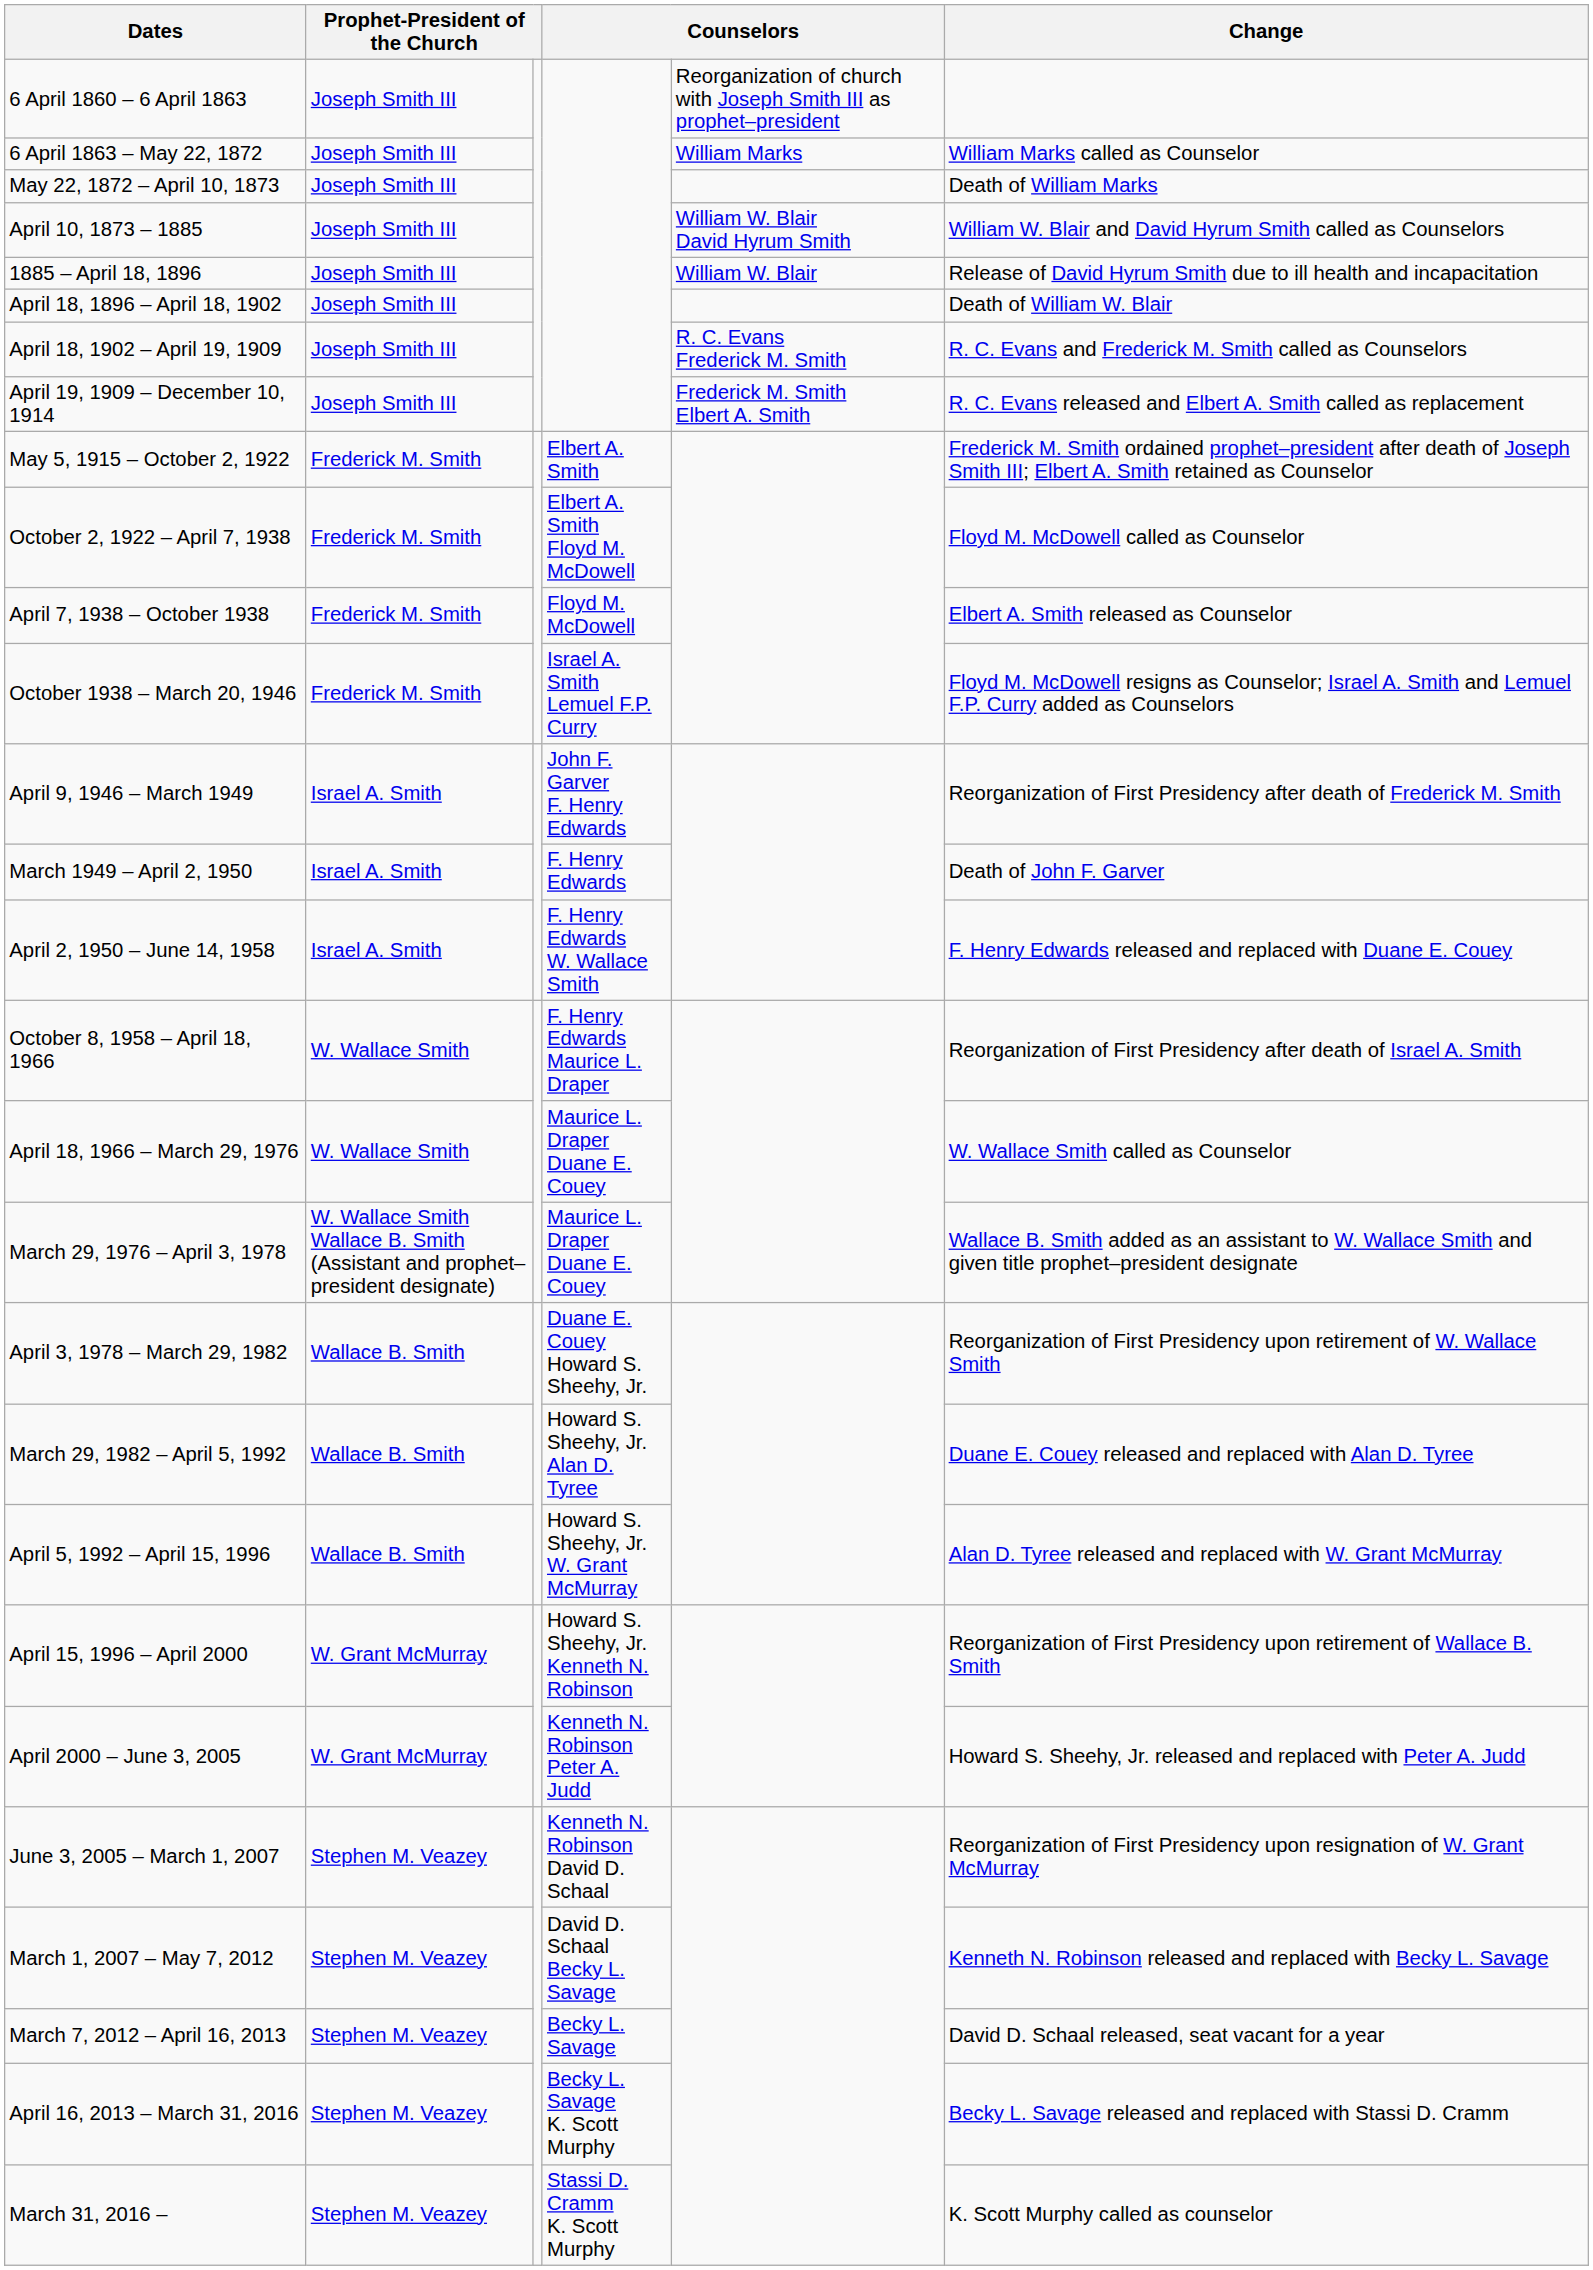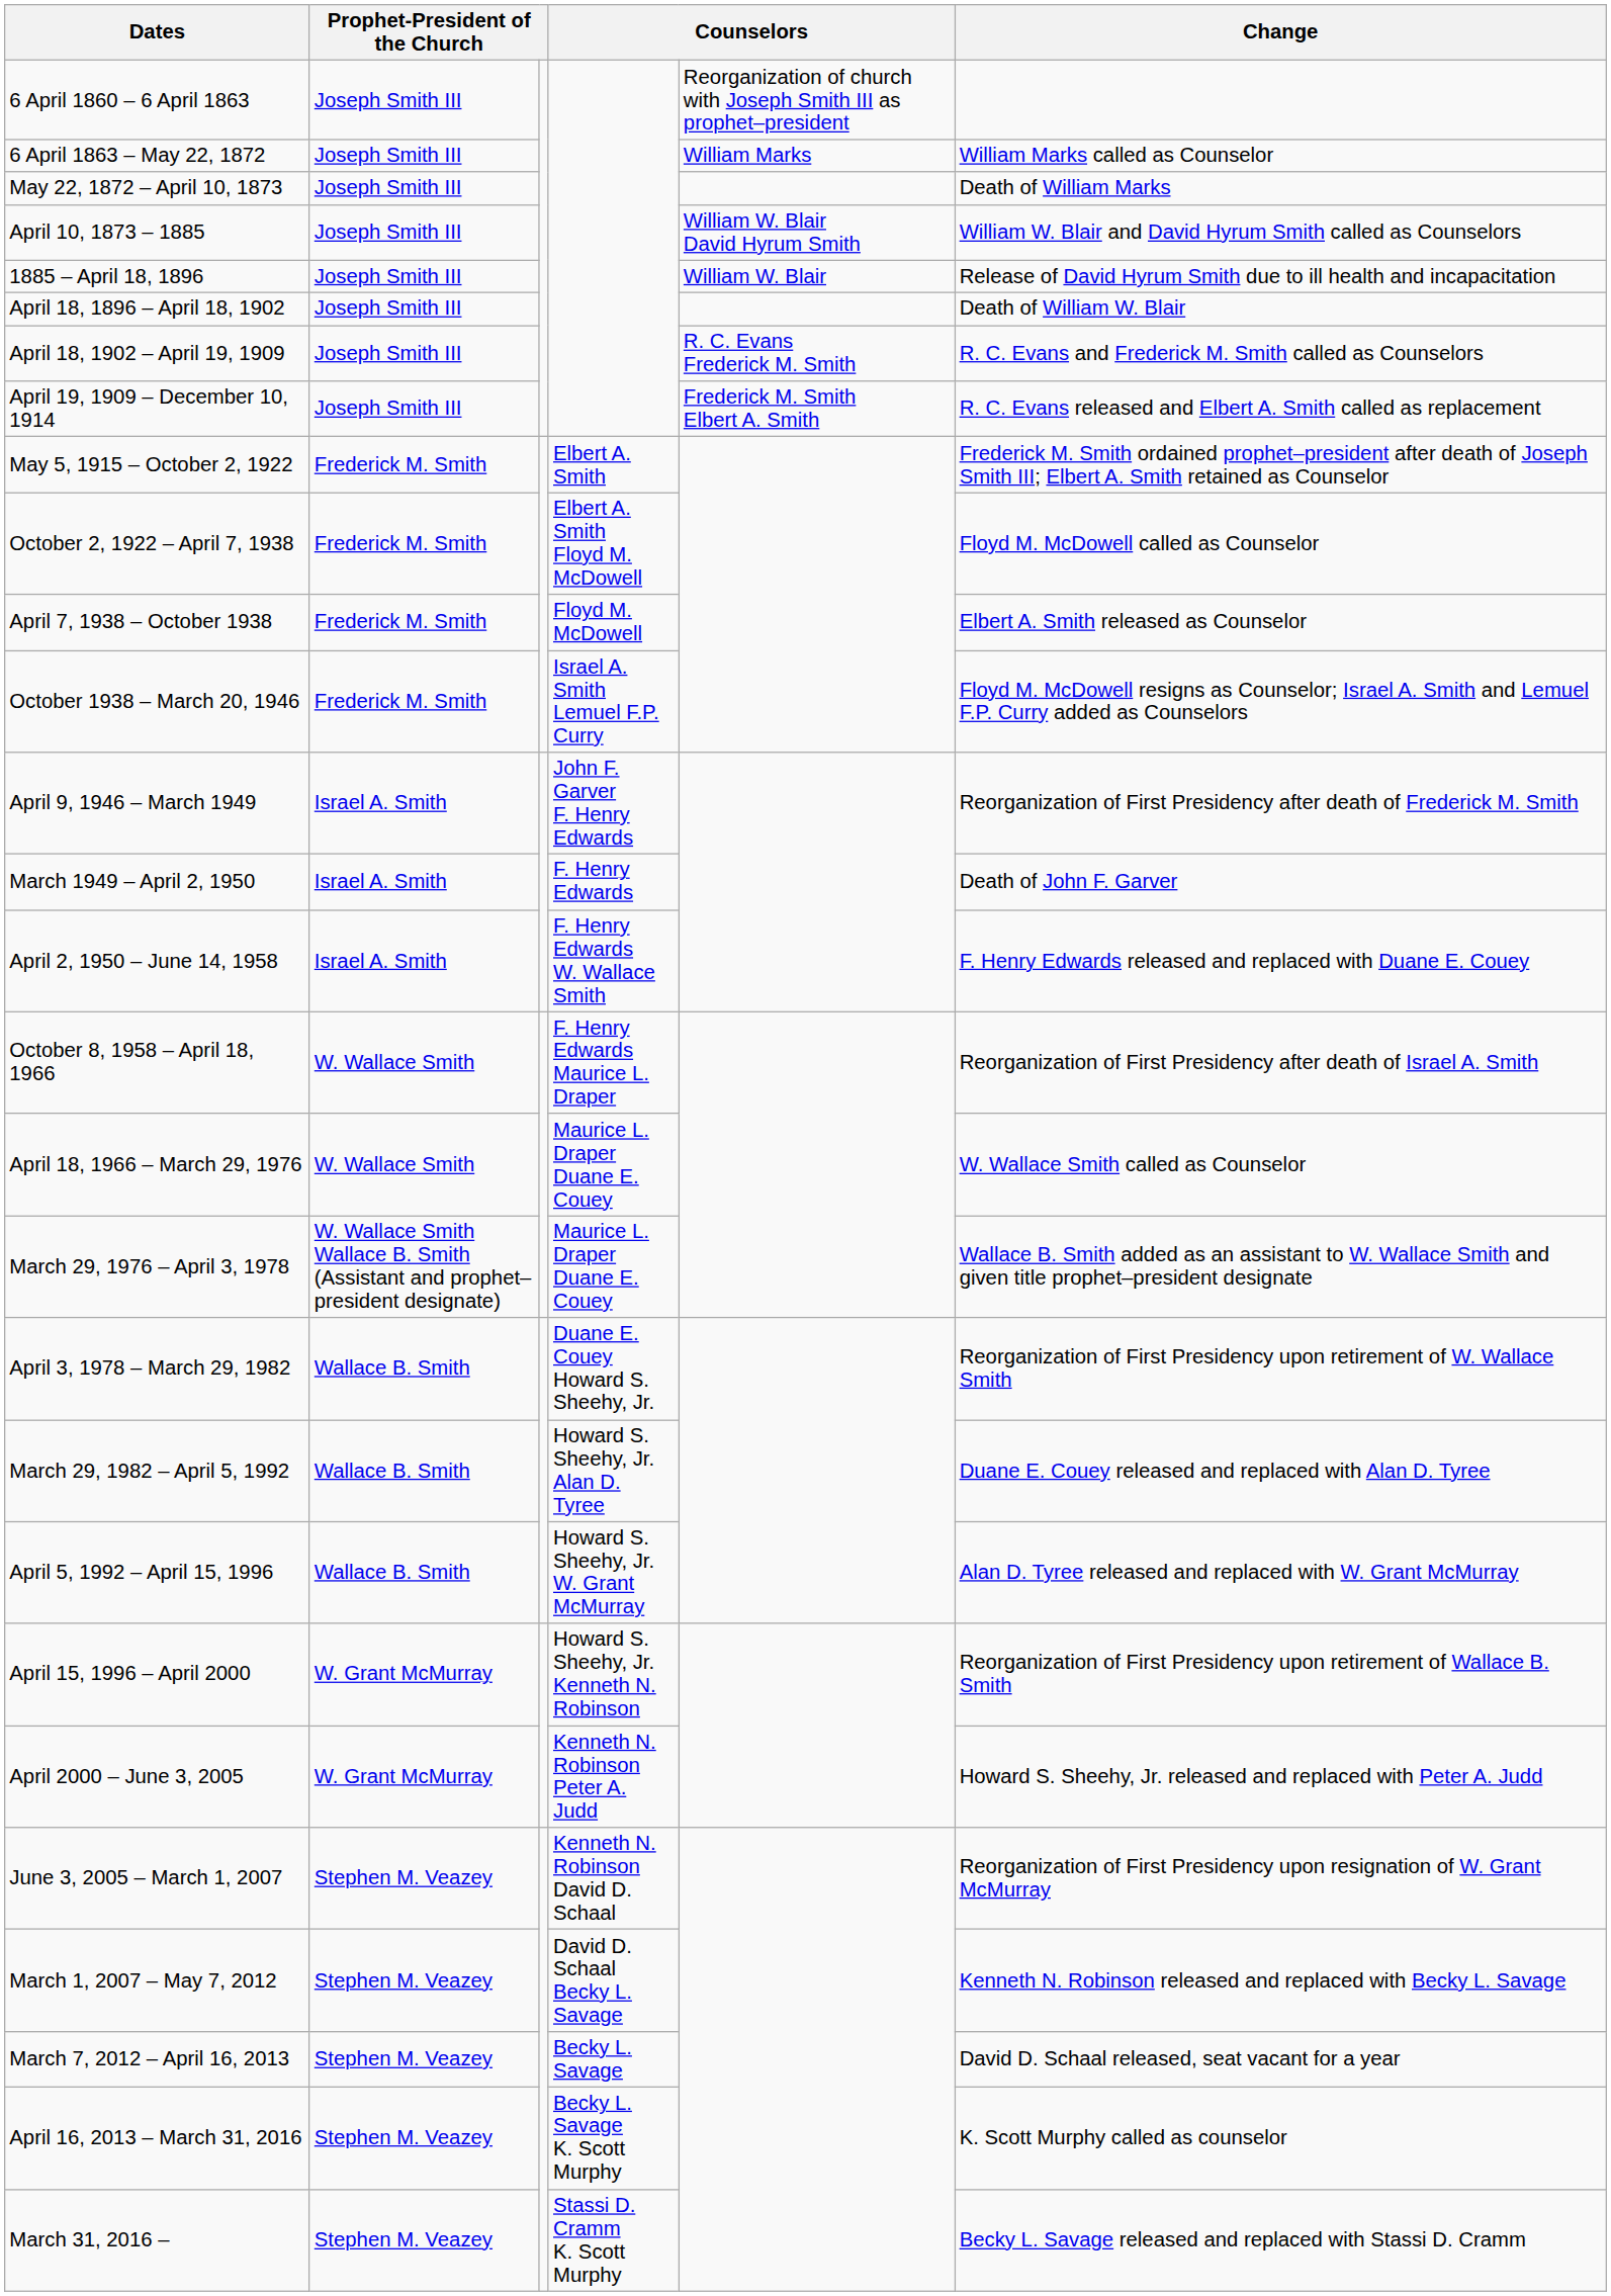 <table class="wikitable">
 <tr style= "border: 1; cellpadding: 5; cellspacing: 0; bgcolor: #DCDCFF">
 <th width = "230px">Dates</th>
 <th colspan = "2">Prophet-President of the Church</th>
 <th colspan = "2">Counselors</th>
 <th width = "500px">Change</th>
 </tr>
 <tr>
 <td>6 April 1860 – 6 April 1863</td>
 <td><a href='#'>Joseph Smith III</a></td>
 <td rowspan = "8"></td>
 <td rowspan = "8"></td>
 <td>Reorganization of church with <a href='#'>Joseph Smith III</a> as <a href='#'>prophet–president</a></td>
 </tr>
 <tr>
 <td>6 April 1863 – May 22, 1872</td>
 <td><a href='#'>Joseph Smith III</a></td>
 <td><a href='#'>William Marks</a></td>
 <td><a href='#'>William Marks</a> called as Counselor</td>
 </tr>
 <tr>
 <td>May 22, 1872 – April 10, 1873</td>
 <td><a href='#'>Joseph Smith III</a></td>
 <td> </td>
 <td>Death of <a href='#'>William Marks</a></td>
 </tr>
 <tr>
 <td>April 10, 1873 – 1885</td>
 <td><a href='#'>Joseph Smith III</a></td>
 <td><a href='#'>William W. Blair</a><br><a href='#'>David Hyrum Smith</a></td>
 <td><a href='#'>William W. Blair</a> and <a href='#'>David Hyrum Smith</a> called as Counselors</td>
 </tr>
 <tr>
 <td>1885 – April 18, 1896</td>
 <td><a href='#'>Joseph Smith III</a></td>
 <td><a href='#'>William W. Blair</a></td>
 <td>Release of <a href='#'>David Hyrum Smith</a> due to ill health and incapacitation</td>
 </tr>
 <tr>
 <td>April 18, 1896 – April 18, 1902</td>
 <td><a href='#'>Joseph Smith III</a></td>
 <td> </td>
 <td>Death of <a href='#'>William W. Blair</a></td>
 </tr>
 <tr>
 <td>April 18, 1902 – April 19, 1909</td>
 <td><a href='#'>Joseph Smith III</a></td>
 <td><a href='#'>R. C. Evans</a><br><a href='#'>Frederick M. Smith</a></td>
 <td><a href='#'>R. C. Evans</a> and <a href='#'>Frederick M. Smith</a> called as Counselors</td>
 </tr>
 <tr>
 <td>April 19, 1909 – December 10, 1914</td>
 <td><a href='#'>Joseph Smith III</a></td>
 <td><a href='#'>Frederick M. Smith</a><br><a href='#'>Elbert A. Smith</a></td>
 <td><a href='#'>R. C. Evans</a> released and <a href='#'>Elbert A. Smith</a> called as replacement</td>
 </tr>
 <tr>
 <td>May 5, 1915 – October 2, 1922</td>
 <td><a href='#'>Frederick M. Smith</a></td>
 <td rowspan = "4"></td>
 <td><a href='#'>Elbert A. Smith</a></td>
 <td rowspan = "4"></td>
 <td><a href='#'>Frederick M. Smith</a> ordained <a href='#'>prophet–president</a> after death of <a href='#'>Joseph Smith III</a>; <a href='#'>Elbert A. Smith</a> retained as Counselor</td>
 </tr>
 <tr>
 <td>October 2, 1922 – April 7, 1938</td>
 <td><a href='#'>Frederick M. Smith</a></td>
 <td><a href='#'>Elbert A. Smith</a><br><a href='#'>Floyd M. McDowell</a></td>
 <td><a href='#'>Floyd M. McDowell</a> called as Counselor</td>
 </tr>
 <tr>
 <td>April 7, 1938 – October 1938</td>
 <td><a href='#'>Frederick M. Smith</a></td>
 <td><a href='#'>Floyd M. McDowell</a></td>
 <td><a href='#'>Elbert A. Smith</a> released as Counselor</td>
 </tr>
 <tr>
 <td>October 1938 – March 20, 1946</td>
 <td><a href='#'>Frederick M. Smith</a></td>
 <td><a href='#'>Israel A. Smith</a><br><a href='#'>Lemuel F.P. Curry</a></td>
 <td><a href='#'>Floyd M. McDowell</a> resigns as Counselor; <a href='#'>Israel A. Smith</a> and <a href='#'>Lemuel F.P. Curry</a> added as Counselors</td>
 </tr>
 <tr>
 <td>April 9, 1946 – March 1949</td>
 <td><a href='#'>Israel A. Smith</a></td>
 <td rowspan = "3"></td>
 <td><a href='#'>John F. Garver</a><br><a href='#'>F. Henry Edwards</a></td>
 <td rowspan = "3"></td>
 <td>Reorganization of First Presidency after death of <a href='#'>Frederick M. Smith</a></td>
 </tr>
 <tr>
 <td>March 1949 – April 2, 1950</td>
 <td><a href='#'>Israel A. Smith</a></td>
 <td><a href='#'>F. Henry Edwards</a></td>
 <td>Death of <a href='#'>John F. Garver</a></td>
 </tr>
 <tr>
 <td>April 2, 1950 – June 14, 1958</td>
 <td><a href='#'>Israel A. Smith</a></td>
 <td><a href='#'>F. Henry Edwards</a><br><a href='#'>W. Wallace Smith</a></td>
 <td><a href='#'>F. Henry Edwards</a> released and replaced with <a href='#'>Duane E. Couey</a></td>
 </tr>
 <tr>
 <td>October 8, 1958 – April 18, 1966</td>
 <td><a href='#'>W. Wallace Smith</a></td>
 <td rowspan = "3"></td>
 <td><a href='#'>F. Henry Edwards</a><br><a href='#'>Maurice L. Draper</a></td>
 <td rowspan = "3"></td>
 <td>Reorganization of First Presidency after death of <a href='#'>Israel A. Smith</a></td>
 </tr>
 <tr>
 <td>April 18, 1966 – March 29, 1976</td>
 <td><a href='#'>W. Wallace Smith</a></td>
 <td><a href='#'>Maurice L. Draper</a><br><a href='#'>Duane E. Couey</a></td>
 <td><a href='#'>W. Wallace Smith</a> called as Counselor</td>
 </tr>
 <tr>
 <td>March 29, 1976 – April 3, 1978</td>
 <td><a href='#'>W. Wallace Smith</a><br><a href='#'>Wallace B. Smith</a> (Assistant and prophet–president designate)</td>
 <td><a href='#'>Maurice L. Draper</a><br><a href='#'>Duane E. Couey</a></td>
 <td><a href='#'>Wallace B. Smith</a> added as an assistant to <a href='#'>W. Wallace Smith</a> and given title prophet–president designate</td>
 </tr>
 <tr>
 <td>April 3, 1978 – March 29, 1982</td>
 <td><a href='#'>Wallace B. Smith</a></td>
 <td rowspan = "3"></td>
 <td><a href='#'>Duane E. Couey</a><br>Howard S. Sheehy, Jr.</td>
 <td rowspan = "3"></td>
 <td>Reorganization of First Presidency upon retirement of <a href='#'>W. Wallace Smith</a></td>
 </tr>
 <tr>
 <td>March 29, 1982 – April 5, 1992</td>
 <td><a href='#'>Wallace B. Smith</a></td>
 <td>Howard S. Sheehy, Jr.<br><a href='#'>Alan D. Tyree</a></td>
 <td><a href='#'>Duane E. Couey</a> released and replaced with <a href='#'>Alan D. Tyree</a></td>
 </tr>
 <tr>
 <td>April 5, 1992 – April 15, 1996</td>
 <td><a href='#'>Wallace B. Smith</a></td>
 <td>Howard S. Sheehy, Jr.<br><a href='#'>W. Grant McMurray</a></td>
 <td><a href='#'>Alan D. Tyree</a> released and replaced with <a href='#'>W. Grant McMurray</a></td>
 </tr>
 <tr>
 <td>April 15, 1996 – April 2000</td>
 <td><a href='#'>W. Grant McMurray</a></td>
 <td rowspan = "2"></td>
 <td>Howard S. Sheehy, Jr.<br><a href='#'>Kenneth N. Robinson</a></td>
 <td rowspan = "2"></td>
 <td>Reorganization of First Presidency upon retirement of <a href='#'>Wallace B. Smith</a></td>
 </tr>
 <tr>
 <td>April 2000 – June 3, 2005</td>
 <td><a href='#'>W. Grant McMurray</a></td>
 <td><a href='#'>Kenneth N. Robinson</a><br><a href='#'>Peter A. Judd</a></td>
 <td>Howard S. Sheehy, Jr. released and replaced with <a href='#'>Peter A. Judd</a></td>
 </tr>
 <tr>
 <td>June 3, 2005 – March 1, 2007</td>
 <td><a href='#'>Stephen M. Veazey</a></td>
 <td rowspan = "5"></td>
 <td><a href='#'>Kenneth N. Robinson</a><br>David D. Schaal</td>
 <td rowspan = "5"></td>
 <td>Reorganization of First Presidency upon resignation of <a href='#'>W. Grant McMurray</a></td>
 </tr>
 <tr>
 <td>March 1, 2007 – May 7, 2012</td>
 <td><a href='#'>Stephen M. Veazey</a></td>
 <td>David D. Schaal<br><a href='#'>Becky L. Savage</a></td>
 <td><a href='#'>Kenneth N. Robinson</a> released and replaced with <a href='#'>Becky L. Savage</a></td>
 </tr>
 <tr>
 <td>March 7, 2012 – April 16, 2013</td>
 <td><a href='#'>Stephen M. Veazey</a></td>
 <td><a href='#'>Becky L. Savage</a></td>
 <td>David D. Schaal released, seat vacant for a year</td>
 </tr>
 <tr>
 <td>April 16, 2013 – March 31, 2016</td>
 <td><a href='#'>Stephen M. Veazey</a></td>
 <td><a href='#'>Becky L. Savage</a><br> K. Scott Murphy</td>
-<td><a href='#'>Becky L. Savage</a> released and replaced with Stassi D. Cramm</td>
+<td>K. Scott Murphy called as counselor</td>
 </tr>
 <tr>
 <td>March 31, 2016 –</td>
 <td><a href='#'>Stephen M. Veazey</a></td>
 <td><a href='#'>Stassi D. Cramm</a><br>K. Scott Murphy</td>
-<td>K. Scott Murphy called as counselor</td>
+<td><a href='#'>Becky L. Savage</a> released and replaced with Stassi D. Cramm</td>
 </tr>
 </table>
